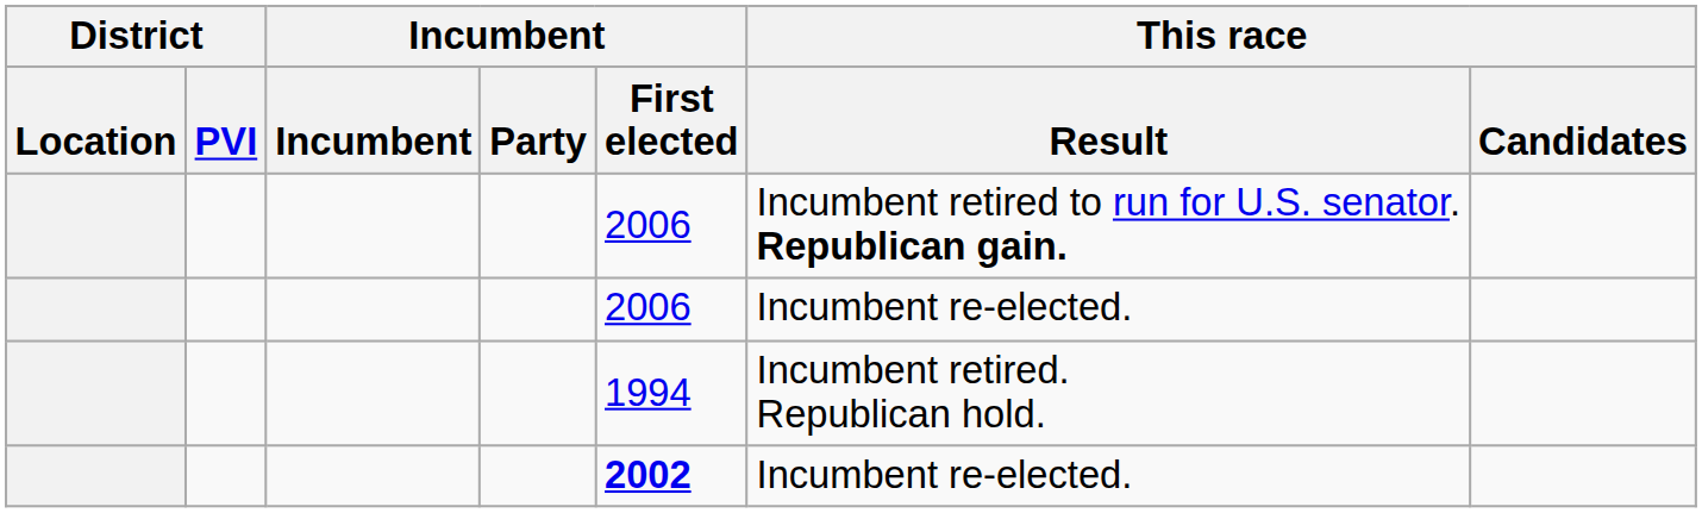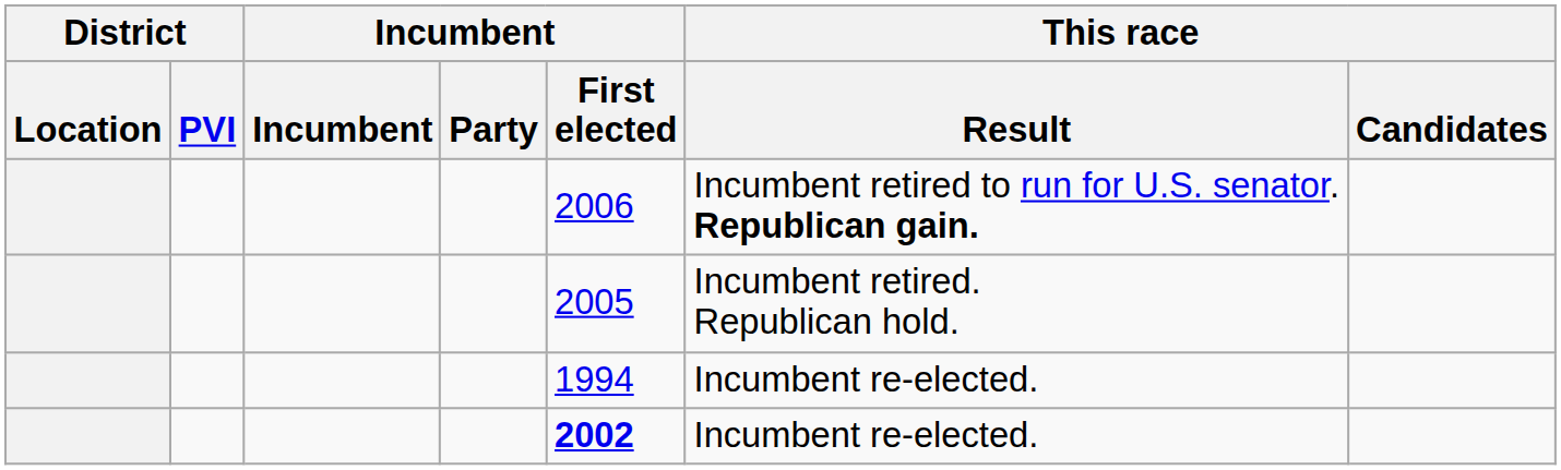 <table class="wikitable sortable">
 <tr valign=bottom>
 <th colspan=2>District</th>
 <th colspan=3>Incumbent</th>
 <th colspan=2>This race</th>
 </tr>
 <tr valign=bottom>
 <th>Location</th>
 <th><a href='#'>PVI</a></th>
 <th>Incumbent</th>
 <th>Party</th>
 <th>First<br>elected</th>
 <th>Result</th>
 <th>Candidates</th>
 </tr>
 <tr>
 <th></th>
 <td></td>
 <td></td>
 <td></td>
 <td><a href='#'>2006</a></td>
 <td>Incumbent retired to <a href='#'>run for U.S. senator</a>.<br><strong>Republican gain.</strong></td>
 <td nowrap></td>
 </tr>
 <tr>
 <th></th>
 <td></td>
 <td></td>
 <td></td>
-<td><a href='#'>2006</a></td>
-<td>Incumbent re-elected.</td>
+<td><a href='#'>2005</a></td>
+<td>Incumbent retired.<br>Republican hold.</td>
 <td nowrap></td>
 </tr>
 <tr>
 <th></th>
 <td></td>
 <td></td>
 <td></td>
 <td><a href='#'>1994</a></td>
-<td>Incumbent retired.<br>Republican hold.</td>
+<td>Incumbent re-elected.</td>
 <td nowrap></td>
 </tr>
 <tr>
 <th></th>
 <td></td>
 <td></td>
 <td></td>
 <td><strong><a href='#'>2002</a></strong></td>
 <td>Incumbent re-elected.</td>
 <td nowrap></td>
 </tr>
 </table>
